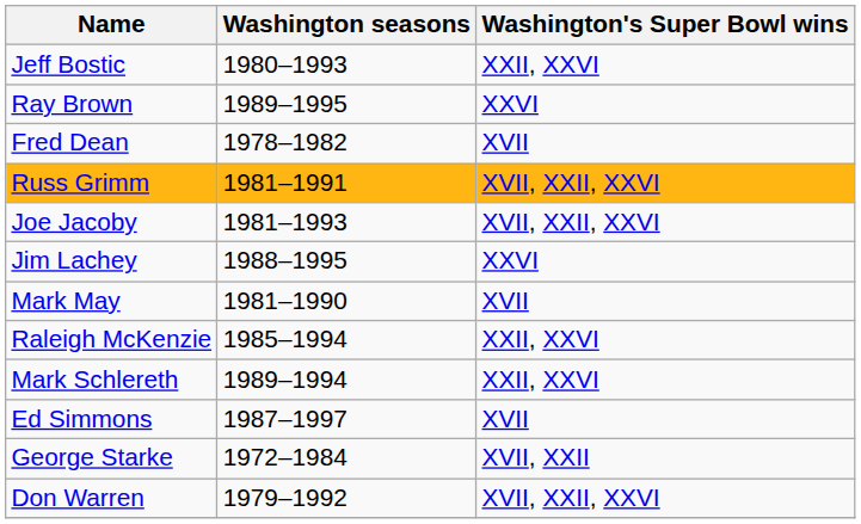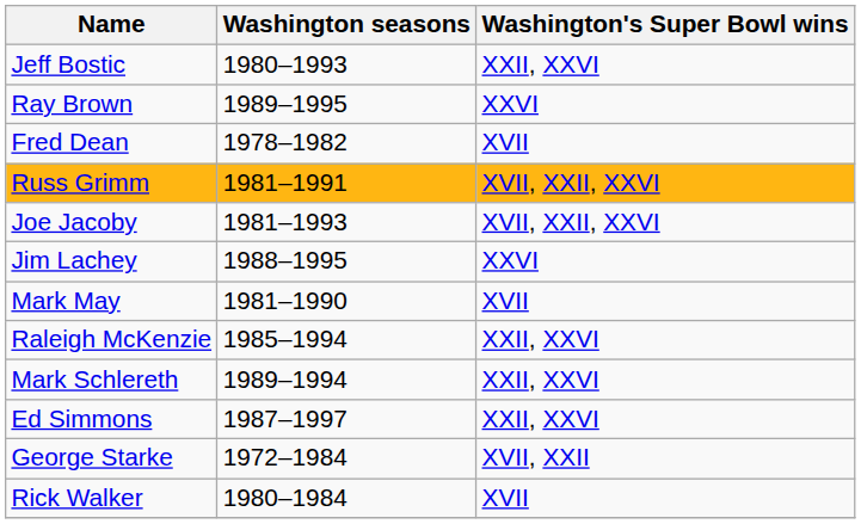 <table class="wikitable sortable plainrowheaders">
 <tr>
 <th>Name</th>
 <th>Washington seasons</th>
 <th>Washington's Super Bowl wins</th>
 </tr>
 <tr>
 <td><a href='#'>Jeff Bostic</a></td>
 <td>1980–1993</td>
 <td><a href='#'>XXII</a>, <a href='#'>XXVI</a></td>
 </tr>
 <tr>
 <td><a href='#'>Ray Brown</a></td>
 <td>1989–1995</td>
 <td><a href='#'>XXVI</a></td>
 </tr>
 <tr>
 <td><a href='#'>Fred Dean</a></td>
 <td>1978–1982</td>
 <td><a href='#'>XVII</a></td>
 </tr>
 <tr bgcolor="#FFB612">
 <td><a href='#'>Russ Grimm</a></td>
 <td>1981–1991</td>
 <td><a href='#'>XVII</a>, <a href='#'>XXII</a>, <a href='#'>XXVI</a></td>
 </tr>
 <tr>
 <td><a href='#'>Joe Jacoby</a></td>
 <td>1981–1993</td>
 <td><a href='#'>XVII</a>, <a href='#'>XXII</a>, <a href='#'>XXVI</a></td>
 </tr>
 <tr>
 <td><a href='#'>Jim Lachey</a></td>
 <td>1988–1995</td>
 <td><a href='#'>XXVI</a></td>
 </tr>
 <tr>
 <td><a href='#'>Mark May</a></td>
 <td>1981–1990</td>
 <td><a href='#'>XVII</a></td>
 </tr>
 <tr>
 <td><a href='#'>Raleigh McKenzie</a></td>
 <td>1985–1994</td>
 <td><a href='#'>XXII</a>, <a href='#'>XXVI</a></td>
 </tr>
 <tr>
 <td><a href='#'>Mark Schlereth</a></td>
 <td>1989–1994</td>
 <td><a href='#'>XXII</a>, <a href='#'>XXVI</a></td>
 </tr>
 <tr>
 <td><a href='#'>Ed Simmons</a></td>
 <td>1987–1997</td>
-<td><a href='#'>XVII</a></td>
+<td><a href='#'>XXII</a>, <a href='#'>XXVI</a></td>
 </tr>
 <tr>
 <td><a href='#'>George Starke</a></td>
 <td>1972–1984</td>
 <td><a href='#'>XVII</a>, <a href='#'>XXII</a></td>
 </tr>
 <tr>
-<td><a href='#'>Don Warren</a></td>
-<td>1979–1992</td>
-<td><a href='#'>XVII</a>, <a href='#'>XXII</a>, <a href='#'>XXVI</a></td>
+<td><a href='#'>Rick Walker</a></td>
+<td>1980–1984</td>
+<td><a href='#'>XVII</a></td>
 </tr>
 <tr>
 </tr>
 </table>
